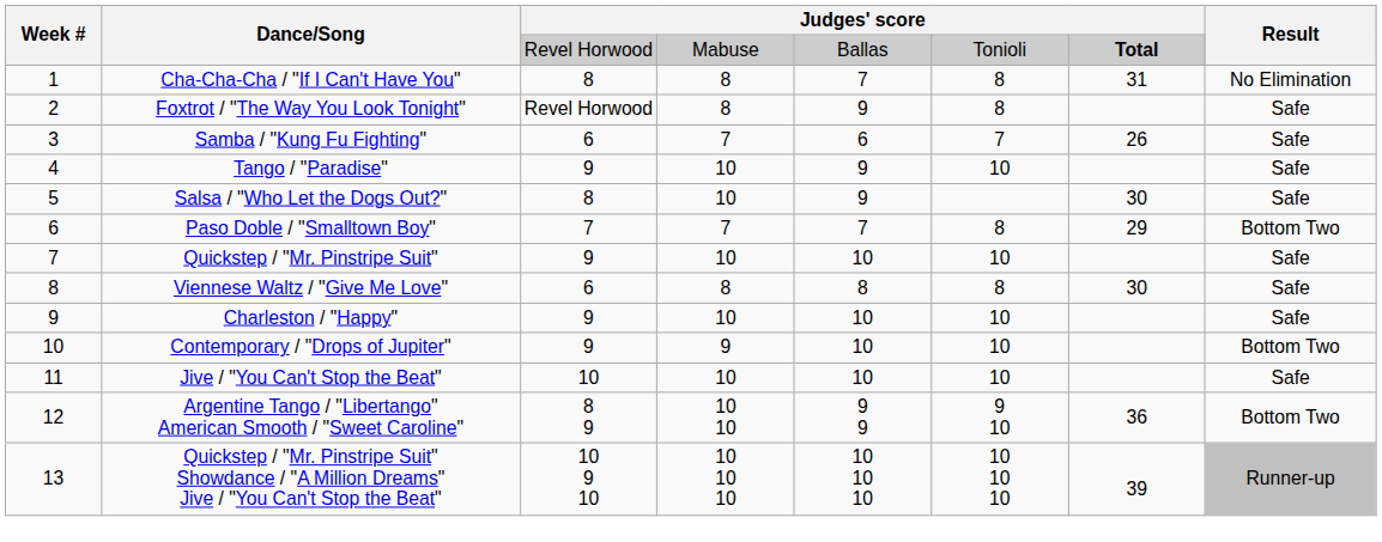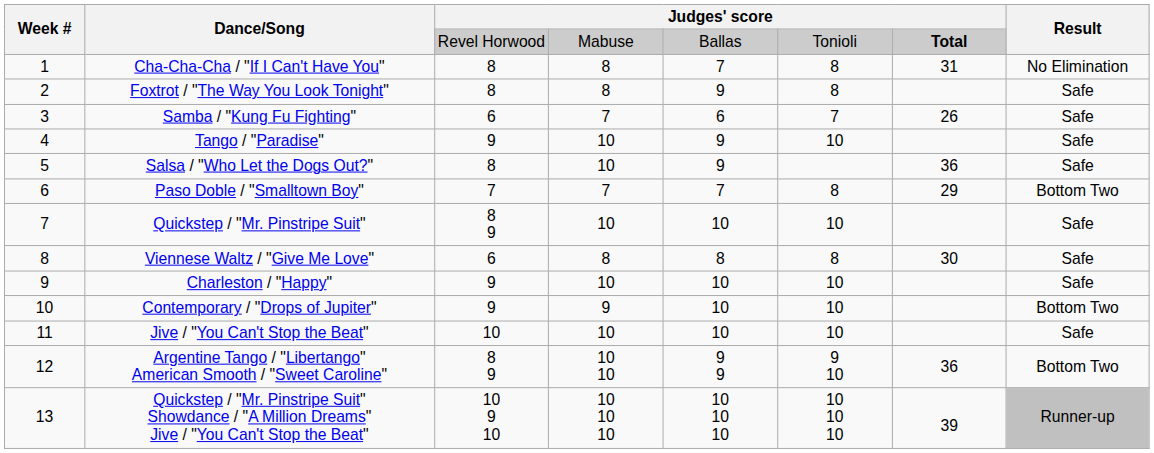 <table class="wikitable collapsible collapsed">
 <tr style="text-align:center; background:#ccc;">
 <th rowspan="2">Week #</th>
 <th rowspan="2">Dance/Song</th>
 <th colspan="5">Judges' score</th>
 <th rowspan="2">Result</th>
 </tr>
 <tr style="text-align:center; background:#ccc;">
 <td style="width:10%; ">Revel Horwood</td>
 <td style="width:10%; ">Mabuse</td>
 <td style="width:10%; ">Ballas</td>
 <td style="width:10%; ">Tonioli</td>
 <td style="width:10%; "><strong>Total</strong></td>
 </tr>
 <tr style="text-align:center;">
 <td>1</td>
 <td><a href='#'>Cha-Cha-Cha</a> / "<a href='#'>If I Can't Have You</a>"</td>
 <td>8</td>
 <td>8</td>
 <td>7</td>
 <td>8</td>
 <td>31</td>
 <td>No Elimination</td>
 </tr>
 <tr style="text-align:center;">
 <td>2</td>
 <td><a href='#'>Foxtrot</a> / "<a href='#'>The Way You Look Tonight</a>"</td>
-<td style="width:10%; ">Revel Horwood</td>
+<td>8</td>
 <td>8</td>
 <td>9</td>
 <td>8</td>
 <td></td>
 <td>Safe</td>
 </tr>
 <tr style="text-align:center;">
 <td>3</td>
 <td><a href='#'>Samba</a> / "<a href='#'>Kung Fu Fighting</a>"</td>
 <td>6</td>
 <td>7</td>
 <td>6</td>
 <td>7</td>
 <td>26</td>
 <td>Safe</td>
 </tr>
 <tr style="text-align:center;">
 <td>4</td>
 <td><a href='#'>Tango</a> / "<a href='#'>Paradise</a>"</td>
 <td>9</td>
 <td>10</td>
 <td>9</td>
 <td>10</td>
 <td></td>
 <td>Safe</td>
 </tr>
 <tr style="text-align:center;">
 <td>5</td>
 <td><a href='#'>Salsa</a> / "<a href='#'>Who Let the Dogs Out?</a>"</td>
 <td>8</td>
 <td>10</td>
 <td>9</td>
 <td></td>
-<td>30</td>
+<td>36</td>
 <td>Safe</td>
 </tr>
 <tr style="text-align:center;">
 <td>6</td>
 <td><a href='#'>Paso Doble</a> / "<a href='#'>Smalltown Boy</a>"</td>
 <td>7</td>
 <td>7</td>
 <td>7</td>
 <td>8</td>
 <td>29</td>
 <td>Bottom Two</td>
 </tr>
 <tr style="text-align:center;">
 <td>7</td>
 <td><a href='#'>Quickstep</a> / "<a href='#'>Mr. Pinstripe Suit</a>"</td>
-<td>9</td>
+<td>8<br>9</td>
 <td>10</td>
 <td>10</td>
 <td>10</td>
 <td></td>
 <td>Safe</td>
 </tr>
 <tr style="text-align:center;">
 <td>8</td>
 <td><a href='#'>Viennese Waltz</a> / "<a href='#'>Give Me Love</a>"</td>
 <td>6</td>
 <td>8</td>
 <td>8</td>
 <td>8</td>
 <td>30</td>
 <td>Safe</td>
 </tr>
 <tr style="text-align:center;">
 <td>9</td>
 <td><a href='#'>Charleston</a> / "<a href='#'>Happy</a>"</td>
 <td>9</td>
 <td>10</td>
 <td>10</td>
 <td>10</td>
 <td></td>
 <td>Safe</td>
 </tr>
 <tr style="text-align:center;">
 <td>10</td>
 <td><a href='#'>Contemporary</a> / "<a href='#'>Drops of Jupiter</a>"</td>
 <td>9</td>
 <td>9</td>
 <td>10</td>
 <td>10</td>
 <td></td>
 <td>Bottom Two</td>
 </tr>
 <tr style="text-align:center;">
 <td>11</td>
 <td><a href='#'>Jive</a> / "<a href='#'>You Can't Stop the Beat</a>"</td>
 <td>10</td>
 <td>10</td>
 <td>10</td>
 <td>10</td>
 <td></td>
 <td>Safe</td>
 </tr>
 <tr style="text-align:center;">
 <td>12</td>
 <td><a href='#'>Argentine Tango</a> / "<a href='#'>Libertango</a>"<br><a href='#'>American Smooth</a> / "<a href='#'>Sweet Caroline</a>"</td>
 <td>8<br>9</td>
 <td>10<br>10</td>
 <td>9<br>9</td>
 <td>9<br>10</td>
 <td>36<br></td>
 <td>Bottom Two</td>
 </tr>
 <tr style="text-align:center;">
 <td>13</td>
 <td><a href='#'>Quickstep</a> / "<a href='#'>Mr. Pinstripe Suit</a>"<br><a href='#'>Showdance</a> / "<a href='#'>A Million Dreams</a>"<br><a href='#'>Jive</a> / "<a href='#'>You Can't Stop the Beat</a>"</td>
 <td>10<br>9<br>10</td>
 <td>10<br>10<br>10</td>
 <td>10<br>10<br>10</td>
 <td>10<br>10<br>10</td>
 <td><br>39<br></td>
 <td bgcolor=silver>Runner-up</td>
 </tr>
 </table>
